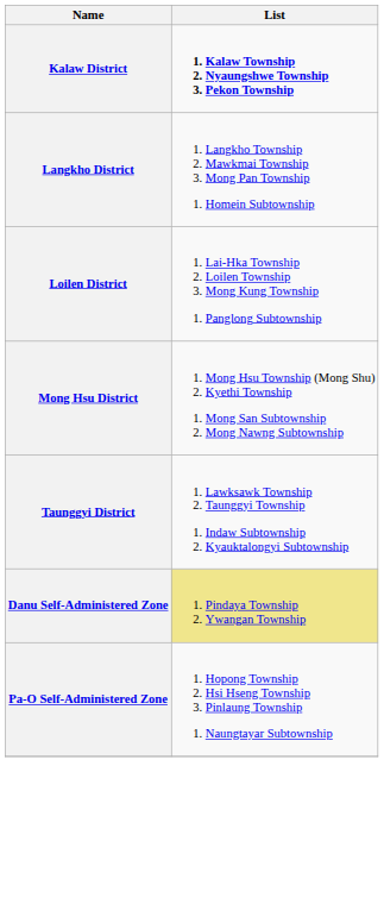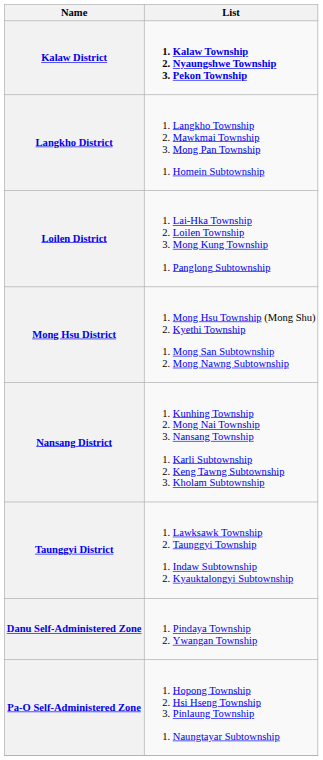 <table class=wikitable>
 <tr>
 <th>Name</th>
 <th>List</th>
 </tr>
 <tr>
 <th><a href='#'>Kalaw District</a></th>
 <td><strong><br><ol><li><a href='#'>Kalaw Township</a></li><li><a href='#'>Nyaungshwe Township</a></li><li><a href='#'>Pekon Township</a></li></ol></strong></td>
 </tr>
 <tr>
 <th><a href='#'>Langkho District</a></th>
 <td><br> <ol><li><a href='#'>Langkho Township</a></li><li><a href='#'>Mawkmai Township</a></li><li><a href='#'>Mong Pan Township</a></li></ol><ol><li><a href='#'>Homein Subtownship</a></li></ol></td>
 </tr>
 <tr>
 <th><a href='#'>Loilen District</a></th>
 <td><br> <ol><li><a href='#'>Lai-Hka Township</a></li><li><a href='#'>Loilen Township</a></li><li><a href='#'>Mong Kung Township</a></li></ol><ol><li><a href='#'>Panglong Subtownship</a></li></ol></td>
 </tr>
 <tr>
 <th><a href='#'>Mong Hsu District</a></th>
 <td><br> <ol><li><a href='#'>Mong Hsu Township</a> (Mong Shu)</li><li><a href='#'>Kyethi Township</a></li></ol><ol><li><a href='#'>Mong San Subtownship</a></li><li><a href='#'>Mong Nawng Subtownship</a></li></ol></td>
 </tr>
 <tr>
+<th><a href='#'>Nansang District</a></th>
+<td><br> <ol><li><a href='#'>Kunhing Township</a></li><li><a href='#'>Mong Nai Township</a></li><li><a href='#'>Nansang Township</a></li></ol><ol><li><a href='#'>Karli Subtownship</a></li><li><a href='#'>Keng Tawng Subtownship</a></li><li><a href='#'>Kholam Subtownship</a></li></ol></td>
+</tr>
+<tr>
 <th><a href='#'>Taunggyi District</a></th>
 <td><br> <ol><li><a href='#'>Lawksawk Township</a></li><li><a href='#'>Taunggyi Township</a></li></ol><ol><li><a href='#'>Indaw Subtownship</a></li><li><a href='#'>Kyauktalongyi Subtownship</a></li></ol></td>
 </tr>
 <tr>
 <th><a href='#'>Danu Self-Administered Zone</a></th>
-<td style="background: khaki;"><br><ol><li><a href='#'>Pindaya Township</a></li><li><a href='#'>Ywangan Township</a></li></ol></td>
+<td><br><ol><li><a href='#'>Pindaya Township</a></li><li><a href='#'>Ywangan Township</a></li></ol></td>
 </tr>
 <tr>
 <th><a href='#'>Pa-O Self-Administered Zone</a></th>
 <td><br> <ol><li><a href='#'>Hopong Township</a></li><li><a href='#'>Hsi Hseng Township</a></li><li><a href='#'>Pinlaung Township</a></li></ol><ol><li><a href='#'>Naungtayar Subtownship</a></li></ol></td>
 </tr>
 <tr>
 </tr>
 </table>
